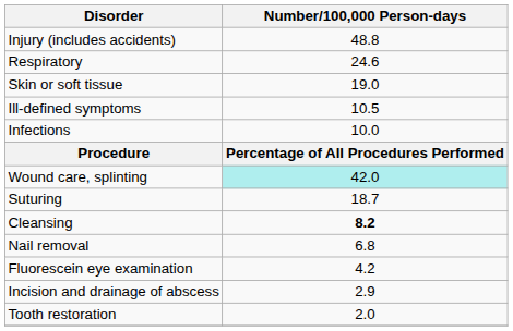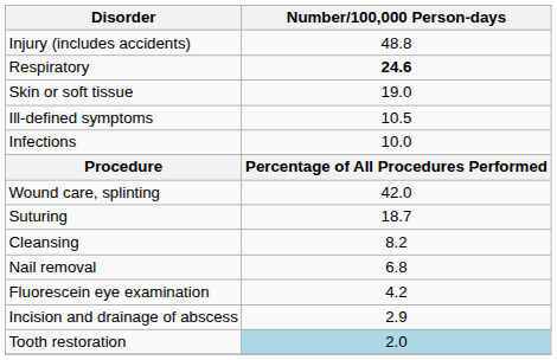 <table class="wikitable">
 <tr>
 <th>Disorder</th>
 <th>Number/100,000 Person-days</th>
 </tr>
 <tr>
 <td>Injury (includes accidents)</td>
 <td align="center">48.8</td>
 </tr>
 <tr>
 <td>Respiratory</td>
-<td align="center">24.6</td>
+<td align="center"><strong>24.6</strong></td>
 </tr>
 <tr>
 <td>Skin or soft tissue</td>
 <td align="center">19.0</td>
 </tr>
 <tr>
 <td>Ill-defined symptoms</td>
 <td align="center">10.5</td>
 </tr>
 <tr>
 <td>Infections</td>
 <td align="center">10.0</td>
 </tr>
 <tr>
 <th>Procedure</th>
 <th>Percentage of All Procedures Performed</th>
 </tr>
 <tr>
 <td>Wound care, splinting</td>
-<td align="center" style="background: paleturquoise;">42.0</td>
+<td align="center">42.0</td>
 </tr>
 <tr>
 <td>Suturing</td>
 <td align="center">18.7</td>
 </tr>
 <tr>
 <td>Cleansing</td>
-<td align="center"><strong>8.2</strong></td>
+<td align="center">8.2</td>
 </tr>
 <tr>
 <td>Nail removal</td>
 <td align="center">6.8</td>
 </tr>
 <tr>
 <td>Fluorescein eye examination</td>
 <td align="center">4.2</td>
 </tr>
 <tr>
 <td>Incision and drainage of abscess</td>
 <td align="center">2.9</td>
 </tr>
 <tr>
 <td>Tooth restoration</td>
-<td align="center">2.0</td>
+<td align="center" style="background: lightblue;">2.0</td>
 </tr>
 <tr>
 </tr>
 </table>
